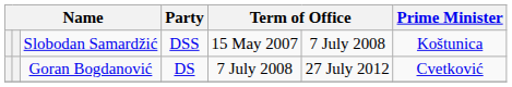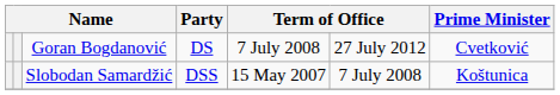 <table class="wikitable" style="text-align:center;">
 <tr>
 <th colspan="3">Name<br></th>
 <th>Party</th>
 <th colspan=2>Term of Office</th>
 <th><a href='#'>Prime Minister</a><br></th>
+</tr>
+<tr>
+<th style="background:"></th>
+<th></th>
+<td><a href='#'>Goran Bogdanović</a><br></td>
+<td><a href='#'>DS</a></td>
+<td>7 July 2008</td>
+<td>27 July 2012</td>
+<td><a href='#'>Cvetković</a> </td>
 </tr>
 <tr>
 <th style="background:"></th>
 <th></th>
 <td><a href='#'>Slobodan Samardžić</a><br></td>
 <td><a href='#'>DSS</a></td>
 <td>15 May 2007</td>
 <td>7 July 2008</td>
 <td><a href='#'>Koštunica</a> </td>
 </tr>
 <tr>
-<th style="background:"></th>
-<th></th>
-<td><a href='#'>Goran Bogdanović</a><br></td>
-<td><a href='#'>DS</a></td>
-<td>7 July 2008</td>
-<td>27 July 2012</td>
-<td><a href='#'>Cvetković</a> </td>
-</tr>
-<tr>
 </tr>
 </table>
